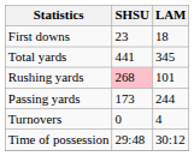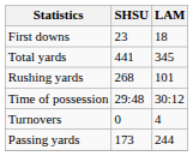 <table class="wikitable">
 <tr>
 <th>Statistics</th>
 <th>SHSU</th>
 <th>LAM</th>
 </tr>
 <tr>
 <td>First downs</td>
 <td>23</td>
 <td>18</td>
 </tr>
 <tr>
 <td>Total yards</td>
 <td>441</td>
 <td>345</td>
 </tr>
 <tr>
 <td>Rushing yards</td>
-<td style="background: pink;">268</td>
+<td>268</td>
 <td>101</td>
+</tr>
+<tr>
+<td>Time of possession</td>
+<td>29:48</td>
+<td>30:12</td>
+</tr>
+<tr>
+<td>Turnovers</td>
+<td>0</td>
+<td>4</td>
 </tr>
 <tr>
 <td>Passing yards</td>
 <td>173</td>
 <td>244</td>
 </tr>
 <tr>
-<td>Turnovers</td>
-<td>0</td>
-<td>4</td>
-</tr>
-<tr>
-<td>Time of possession</td>
-<td>29:48</td>
-<td>30:12</td>
-</tr>
-<tr>
 </tr>
 </table>
